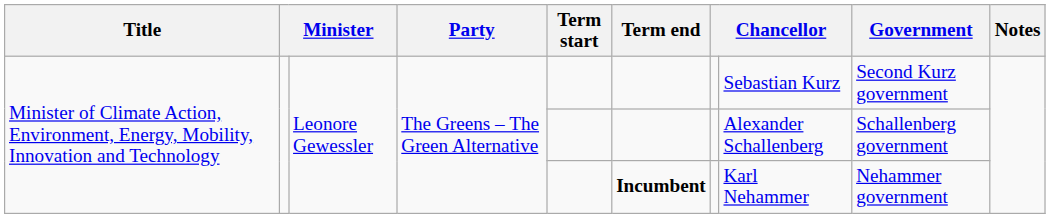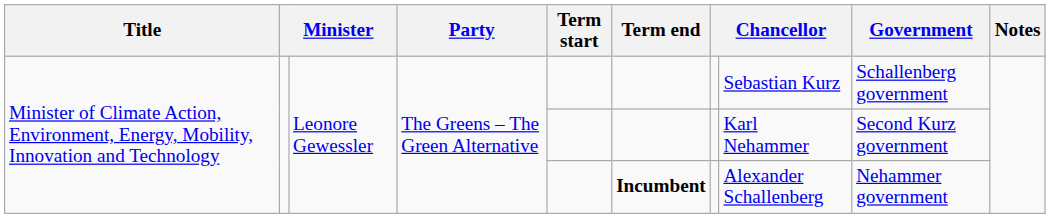 <table class="wikitable sortable">
 <tr>
 <th>Title</th>
 <th colspan=2><a href='#'>Minister</a></th>
 <th><a href='#'>Party</a></th>
 <th>Term start</th>
 <th>Term end</th>
 <th colspan=2><a href='#'>Chancellor</a></th>
 <th><a href='#'>Government</a></th>
 <th class="unsortable">Notes</th>
 </tr>
 <tr>
 <td rowspan=3><a href='#'>Minister of Climate Action, Environment, Energy, Mobility, Innovation and Technology</a></td>
 <td rowspan=3 bgcolor=></td>
 <td rowspan=3><a href='#'>Leonore Gewessler</a></td>
 <td rowspan=3><a href='#'>The Greens – The Green Alternative</a></td>
 <td></td>
 <td></td>
 <td style="color:inherit;background:"></td>
 <td><a href='#'>Sebastian Kurz</a></td>
-<td><a href='#'>Second Kurz government</a></td>
+<td><a href='#'>Schallenberg government</a></td>
 <td rowspan=3></td>
 </tr>
 <tr>
 <td></td>
 <td></td>
 <td style="color:inherit;background:"></td>
-<td><a href='#'>Alexander Schallenberg</a></td>
-<td><a href='#'>Schallenberg government</a></td>
+<td><a href='#'>Karl Nehammer</a></td>
+<td><a href='#'>Second Kurz government</a></td>
 </tr>
 <tr>
 <td></td>
 <td><strong>Incumbent</strong></td>
 <td style="color:inherit;background:"></td>
-<td><a href='#'>Karl Nehammer</a></td>
+<td><a href='#'>Alexander Schallenberg</a></td>
 <td><a href='#'>Nehammer government</a></td>
 </tr>
 </table>
